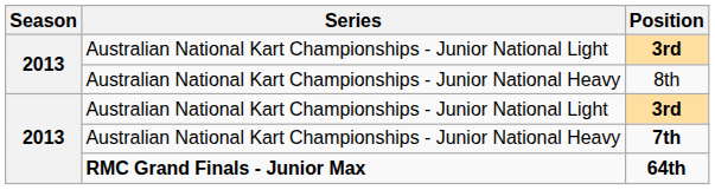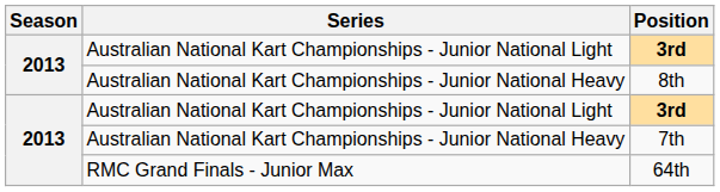 <table class="wikitable" style="font-size: 85%; text-align:center">
 <tr>
 <th>Season</th>
 <th>Series</th>
 <th>Position</th>
 </tr>
 <tr>
 <th rowspan=2>2013</th>
 <td align="left">Australian National Kart Championships - Junior National Light</td>
 <td style="background:#ffdf9f"><strong>3rd</strong></td>
 </tr>
 <tr>
 <td align="left">Australian National Kart Championships - Junior National Heavy</td>
 <td>8th</td>
 </tr>
 <tr>
 <th rowspan=3>2013</th>
 <td align="left">Australian National Kart Championships - Junior National Light</td>
 <td style="background:#ffdf9f"><strong>3rd</strong></td>
 </tr>
 <tr>
 <td align="left">Australian National Kart Championships - Junior National Heavy</td>
-<td><strong>7th</strong></td>
+<td>7th</td>
 </tr>
 <tr>
-<td align="left"><strong>RMC Grand Finals - Junior Max</strong></td>
-<td><strong>64th</strong></td>
+<td align="left">RMC Grand Finals - Junior Max</td>
+<td>64th</td>
 </tr>
 </table>
